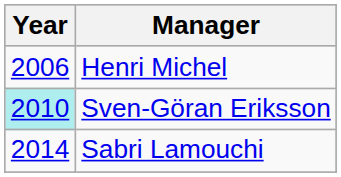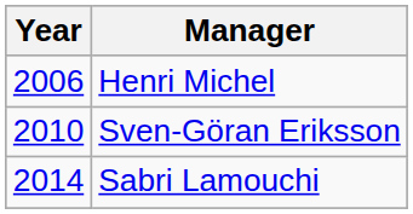 <table class="wikitable">
 <tr>
 <th>Year</th>
 <th>Manager</th>
 </tr>
 <tr>
 <td align=center><a href='#'>2006</a></td>
 <td> <a href='#'>Henri Michel</a></td>
 </tr>
 <tr>
-<td align=center style="background: paleturquoise;"><a href='#'>2010</a></td>
+<td align=center><a href='#'>2010</a></td>
 <td> <a href='#'>Sven-Göran Eriksson</a></td>
 </tr>
 <tr>
 <td align=center><a href='#'>2014</a></td>
 <td> <a href='#'>Sabri Lamouchi</a></td>
 </tr>
 </table>
